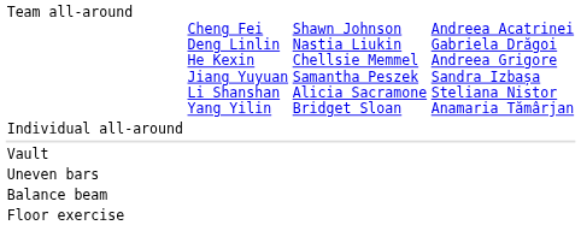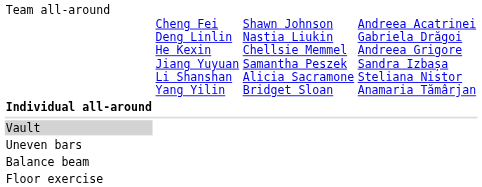 <table>
 <tr valign="top">
 <td>Team all-around<br></td>
 <td><br><a href='#'>Cheng Fei</a><br><a href='#'>Deng Linlin</a><br><a href='#'>He Kexin</a><br><a href='#'>Jiang Yuyuan</a><br><a href='#'>Li Shanshan</a><br><a href='#'>Yang Yilin</a></td>
 <td><br><a href='#'>Shawn Johnson</a><br><a href='#'>Nastia Liukin</a><br><a href='#'>Chellsie Memmel</a><br><a href='#'>Samantha Peszek</a><br><a href='#'>Alicia Sacramone</a><br><a href='#'>Bridget Sloan</a></td>
 <td><br><a href='#'>Andreea Acatrinei</a><br><a href='#'>Gabriela Drăgoi</a><br><a href='#'>Andreea Grigore</a><br><a href='#'>Sandra Izbașa</a><br><a href='#'>Steliana Nistor</a><br><a href='#'>Anamaria Tămârjan</a></td>
 </tr>
 <tr valign="top">
-<td>Individual all-around<br></td>
+<td><strong>Individual all-around<br></strong></td>
 <td></td>
 <td></td>
 <td></td>
 </tr>
 <tr bgcolor=#DDDDDD>
 <td colspan=7></td>
 </tr>
 <tr>
-<td>Vault<br></td>
+<td style="background: lightgrey;">Vault<br></td>
 <td></td>
 <td></td>
 <td></td>
 </tr>
 <tr>
 <td>Uneven bars<br></td>
 <td></td>
 <td></td>
 <td></td>
 </tr>
 <tr>
 <td>Balance beam<br></td>
 <td></td>
 <td></td>
 <td></td>
 </tr>
 <tr>
 <td>Floor exercise<br></td>
 <td></td>
 <td></td>
 <td></td>
 </tr>
 </table>
